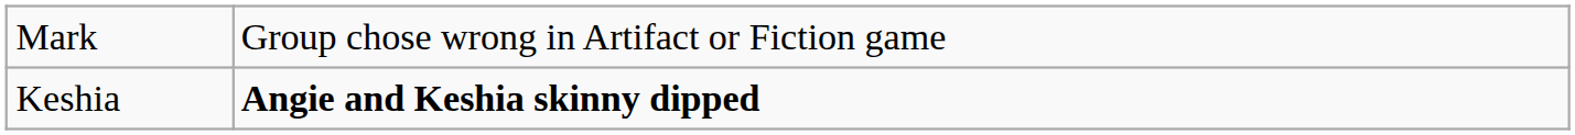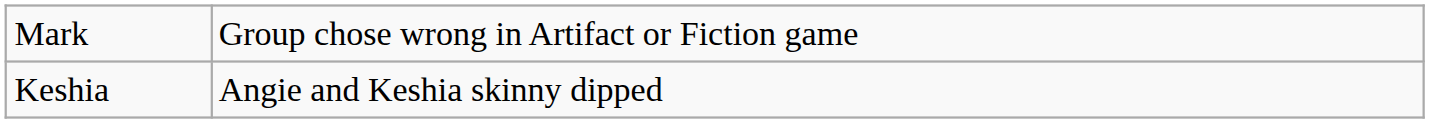 <table class="wikitable plainrowheaders floatright" style="font-size: 95%; margin: 10px" align="right" width="40%">
 <tr>
 <td>Mark</td>
 <td>Group chose wrong in Artifact or Fiction game</td>
 </tr>
 <tr>
 <td>Keshia</td>
-<td><strong>Angie and Keshia skinny dipped</strong></td>
+<td>Angie and Keshia skinny dipped</td>
 </tr>
 </table>
